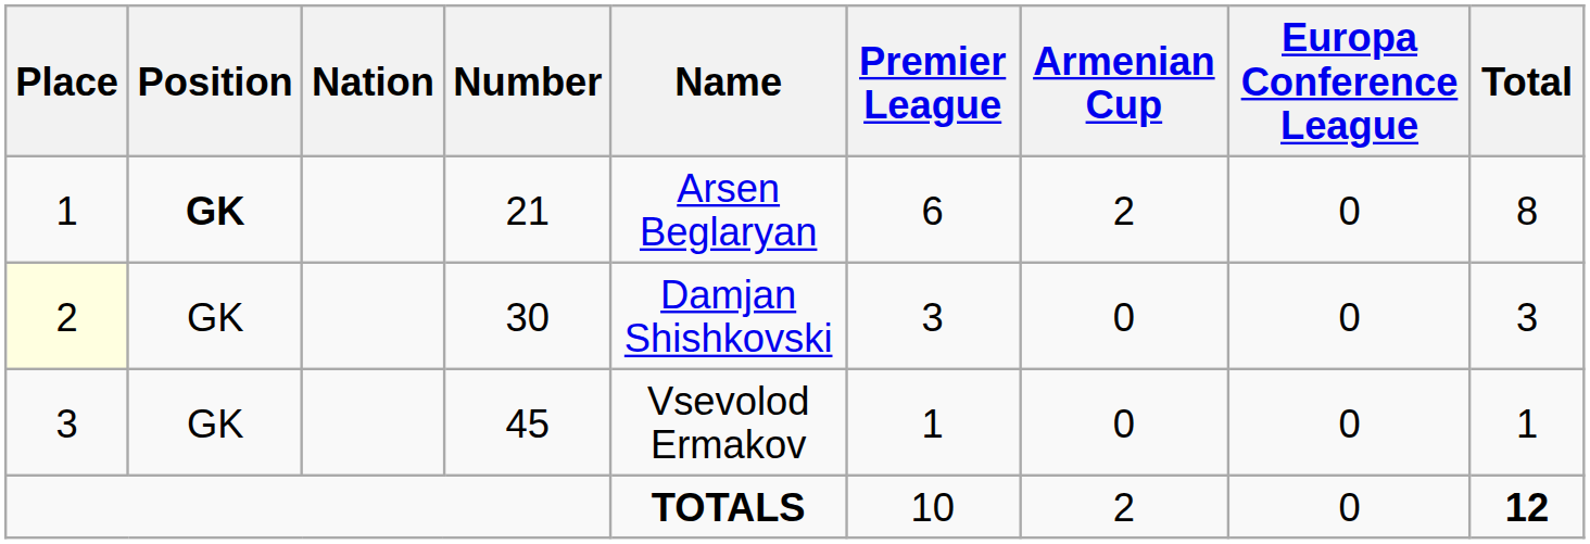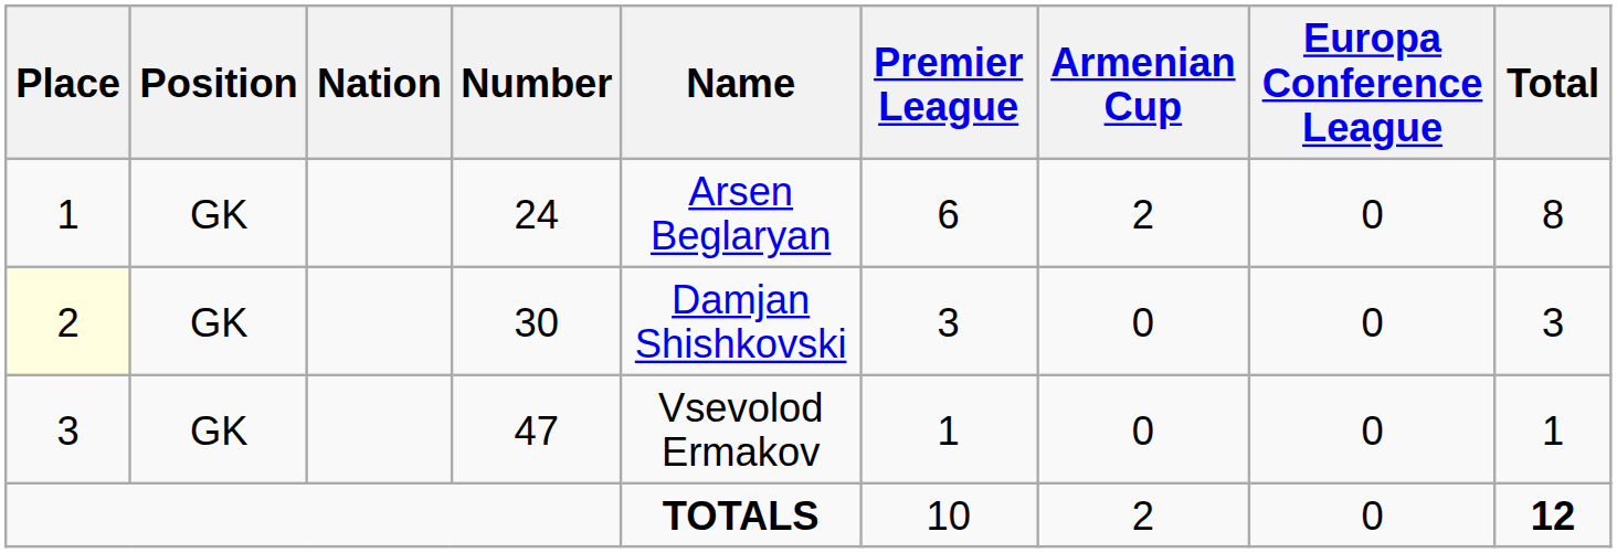 <table class="wikitable" style="font-size: 95%; text-align: center;">
 <tr>
 <th width=60>Place</th>
 <th width=60>Position</th>
 <th width=60>Nation</th>
 <th width=60>Number</th>
 <th width=200>Name</th>
 <th width=200><a href='#'>Premier League</a></th>
 <th width=200><a href='#'>Armenian Cup</a></th>
 <th width=200><a href='#'>Europa Conference League</a></th>
 <th width=80><strong>Total</strong></th>
 </tr>
 <tr>
 <td>1</td>
-<td><strong>GK</strong></td>
+<td>GK</td>
 <td></td>
-<td>21</td>
+<td>24</td>
 <td><a href='#'>Arsen Beglaryan</a></td>
 <td>6</td>
 <td>2</td>
 <td>0</td>
 <td>8</td>
 </tr>
 <tr>
 <td style="background: lightyellow;">2</td>
 <td>GK</td>
 <td></td>
 <td>30</td>
 <td><a href='#'>Damjan Shishkovski</a></td>
 <td>3</td>
 <td>0</td>
 <td>0</td>
 <td>3</td>
 </tr>
 <tr>
 <td>3</td>
 <td>GK</td>
 <td></td>
-<td>45</td>
+<td>47</td>
 <td>Vsevolod Ermakov</td>
 <td>1</td>
 <td>0</td>
 <td>0</td>
 <td>1</td>
 </tr>
 <tr>
 <td colspan="4"></td>
 <td><strong>TOTALS</strong></td>
 <td>10</td>
 <td>2</td>
 <td>0</td>
 <td><strong>12</strong></td>
 </tr>
 </table>
